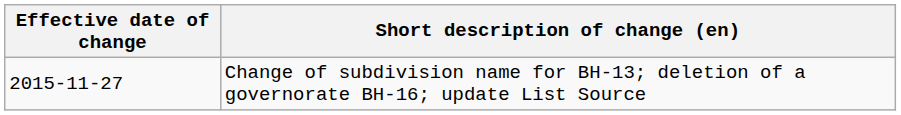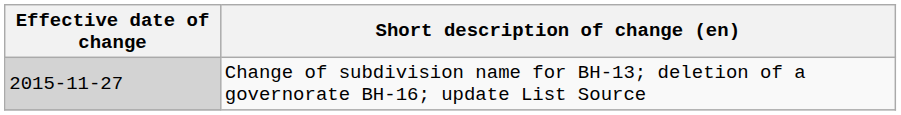 <table class="wikitable">
 <tr>
 <th>Effective date of change</th>
 <th>Short description of change (en)</th>
 </tr>
 <tr>
-<td>2015-11-27</td>
+<td style="background: lightgrey;">2015-11-27</td>
 <td>Change of subdivision name for BH-13; deletion of a governorate BH-16; update List Source</td>
 </tr>
 </table>
